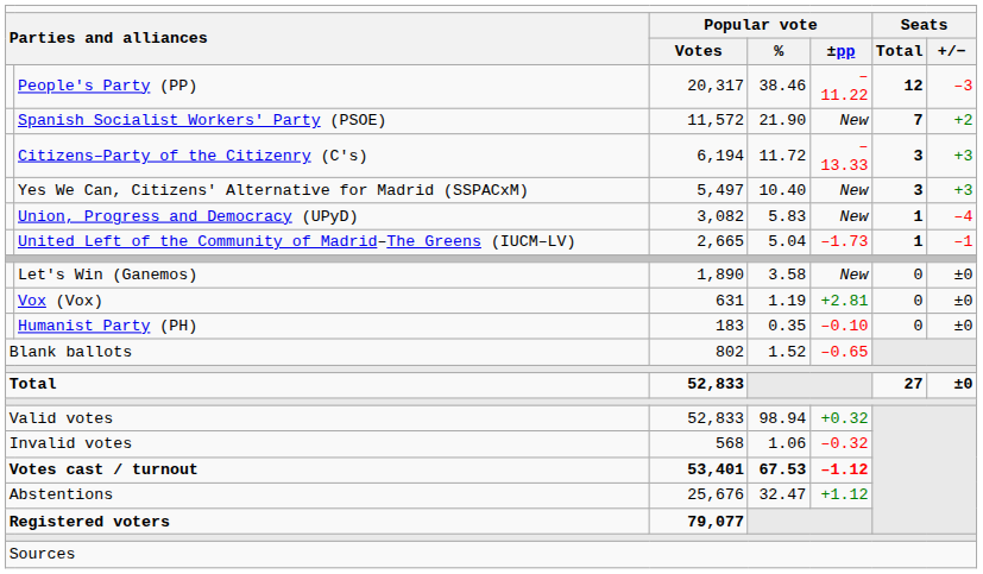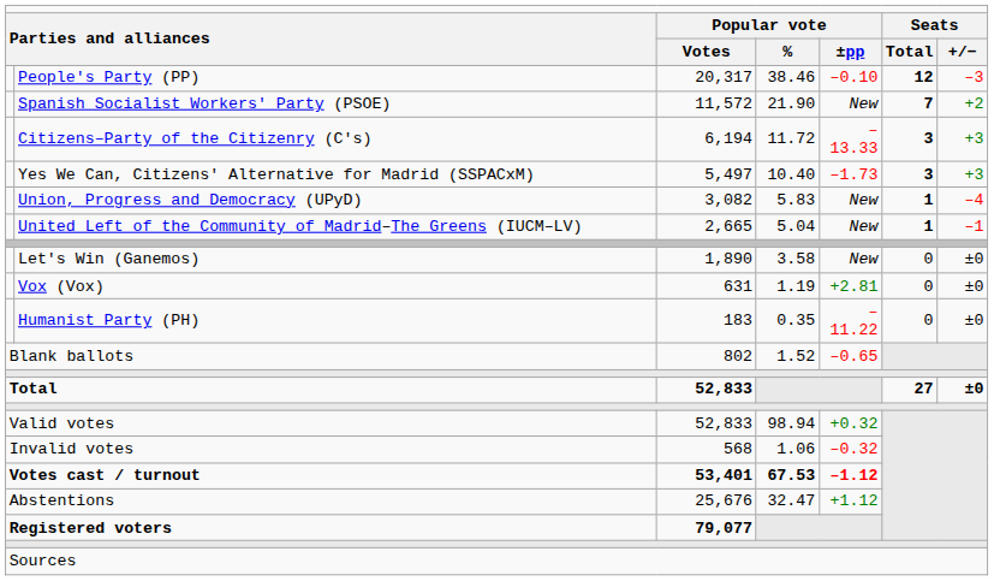 <table class="wikitable" style="text-align:right;">
 <tr>
 <td colspan="7"></td>
 </tr>
 <tr>
 <th style="text-align:left;" rowspan="2" colspan="2" width="525">Parties and alliances</th>
 <th colspan="3">Popular vote</th>
 <th colspan="2">Seats</th>
 </tr>
 <tr>
 <th width="75">Votes</th>
 <th width="45">%</th>
 <th width="45">±<a href='#'>pp</a></th>
 <th width="35">Total</th>
 <th width="35">+/−</th>
 </tr>
 <tr>
 <td width="1" style="color:inherit;background:"></td>
 <td align="left"><a href='#'>People's Party</a> (PP)</td>
 <td>20,317</td>
 <td>38.46</td>
-<td style="color:red;">–11.22</td>
+<td style="color:red;">–0.10</td>
 <td><strong>12</strong></td>
 <td style="color:red;">–3</td>
 </tr>
 <tr>
 <td style="color:inherit;background:"></td>
 <td align="left"><a href='#'>Spanish Socialist Workers' Party</a> (PSOE)</td>
 <td>11,572</td>
 <td>21.90</td>
 <td><em>New</em></td>
 <td><strong>7</strong></td>
 <td style="color:green;">+2</td>
 </tr>
 <tr>
 <td style="color:inherit;background:"></td>
 <td align="left"><a href='#'>Citizens–Party of the Citizenry</a> (C's)</td>
 <td>6,194</td>
 <td>11.72</td>
 <td style="color:red;">–13.33</td>
 <td><strong>3</strong></td>
 <td style="color:green;">+3</td>
 </tr>
 <tr>
 <td style="color:inherit;background:"></td>
 <td align="left">Yes We Can, Citizens' Alternative for Madrid (SSPACxM)</td>
 <td>5,497</td>
 <td>10.40</td>
-<td><em>New</em></td>
+<td style="color:red;">–1.73</td>
 <td><strong>3</strong></td>
 <td style="color:green;">+3</td>
 </tr>
 <tr>
 <td style="color:inherit;background:"></td>
 <td align="left"><a href='#'>Union, Progress and Democracy</a> (UPyD)</td>
 <td>3,082</td>
 <td>5.83</td>
 <td><em>New</em></td>
 <td><strong>1</strong></td>
 <td style="color:red;">–4</td>
 </tr>
 <tr>
 <td style="color:inherit;background:"></td>
 <td align="left"><a href='#'>United Left of the Community of Madrid</a>–<a href='#'>The Greens</a> (IUCM–LV)</td>
 <td>2,665</td>
 <td>5.04</td>
-<td style="color:red;">–1.73</td>
+<td><em>New</em></td>
 <td><strong>1</strong></td>
 <td style="color:red;">–1</td>
 </tr>
 <tr>
 <td colspan="7" bgcolor="#C0C0C0"></td>
 </tr>
 <tr>
 <td style="color:inherit;background:"></td>
 <td align="left">Let's Win (Ganemos)</td>
 <td>1,890</td>
 <td>3.58</td>
 <td><em>New</em></td>
 <td>0</td>
 <td>±0</td>
 </tr>
 <tr>
 <td style="color:inherit;background:"></td>
 <td align="left"><a href='#'>Vox</a> (Vox)</td>
 <td>631</td>
 <td>1.19</td>
 <td style="color:green;">+2.81</td>
 <td>0</td>
 <td>±0</td>
 </tr>
 <tr>
 <td style="color:inherit;background:"></td>
 <td align="left"><a href='#'>Humanist Party</a> (PH)</td>
 <td>183</td>
 <td>0.35</td>
-<td style="color:red;">–0.10</td>
+<td style="color:red;">–11.22</td>
 <td>0</td>
 <td>±0</td>
 </tr>
 <tr>
 <td align="left" colspan="2">Blank ballots</td>
 <td>802</td>
 <td>1.52</td>
 <td style="color:red;">–0.65</td>
 <td bgcolor="#E9E9E9" colspan="2"></td>
 </tr>
 <tr>
 <td colspan="7" bgcolor="#E9E9E9"></td>
 </tr>
 <tr style="font-weight:bold;">
 <td align="left" colspan="2">Total</td>
 <td>52,833</td>
 <td bgcolor="#E9E9E9" colspan="2"></td>
 <td>27</td>
 <td>±0</td>
 </tr>
 <tr>
 <td colspan="7" bgcolor="#E9E9E9"></td>
 </tr>
 <tr>
 <td align="left" colspan="2">Valid votes</td>
 <td>52,833</td>
 <td>98.94</td>
 <td style="color:green;">+0.32</td>
 <td bgcolor="#E9E9E9" colspan="2" rowspan="5"></td>
 </tr>
 <tr>
 <td align="left" colspan="2">Invalid votes</td>
 <td>568</td>
 <td>1.06</td>
 <td style="color:red;">–0.32</td>
 </tr>
 <tr style="font-weight:bold;">
 <td align="left" colspan="2">Votes cast / turnout</td>
 <td>53,401</td>
 <td>67.53</td>
 <td style="color:red;">–1.12</td>
 </tr>
 <tr>
 <td align="left" colspan="2">Abstentions</td>
 <td>25,676</td>
 <td>32.47</td>
 <td style="color:green;">+1.12</td>
 </tr>
 <tr style="font-weight:bold;">
 <td align="left" colspan="2">Registered voters</td>
 <td>79,077</td>
 <td bgcolor="#E9E9E9" colspan="2"></td>
 </tr>
 <tr>
 <td colspan="7" bgcolor="#E9E9E9"></td>
 </tr>
 <tr>
 <td align="left" colspan="7">Sources</td>
 </tr>
 </table>
